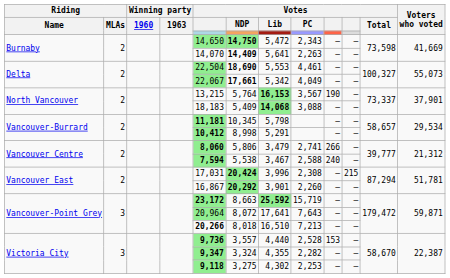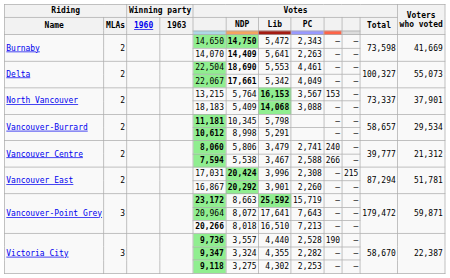 <table class="wikitable" style="text-align:right; font-size:85%">
 <tr>
 <th colspan="2">Riding</th>
 <th scope="col" colspan="2">Winning party</th>
 <th scope="col" colspan="7">Votes</th>
 <th rowspan="3" scope="col">Voters<br>who voted</th>
 </tr>
 <tr>
 <th rowspan="2">Name</th>
 <th rowspan="2">MLAs</th>
 <th rowspan="2"><strong><a href='#'>1960</a></strong></th>
 <th rowspan="2">1963</th>
 <th scope="col"></th>
 <th scope="col">NDP</th>
 <th scope="col">Lib</th>
 <th scope="col">PC</th>
 <th scope="col"></th>
 <th scope="col"></th>
 <th rowspan="2" scope="col">Total</th>
 </tr>
 <tr>
 <th scope="col" style="background-color:#ADD8E6;"></th>
 <th scope="col" style="background-color:#F4A460;"></th>
 <th scope="col" style="background-color:#A51B12;"></th>
 <th scope="col" style="background-color:#9999FF;"></th>
 <th scope="col" style="background-color:#FF6347;"></th>
 <th scope="col" style="background-color:#DCDCDC;"></th>
 </tr>
 <tr>
 <td rowspan="2" style="text-align:left"><a href='#'>Burnaby</a></td>
 <td rowspan="2">2</td>
 <td rowspan="2"></td>
 <td rowspan="2"></td>
 <td style="background-color:lightgreen;">14,650</td>
 <td style="background-color:lightgreen;"><strong>14,750</strong></td>
 <td>5,472</td>
 <td>2,343</td>
 <td>–</td>
 <td>–</td>
 <td rowspan="2">73,598</td>
 <td rowspan="2">41,669</td>
 </tr>
 <tr>
 <td>14,070</td>
 <td><strong>14,409</strong></td>
 <td>5,641</td>
 <td>2,263</td>
 <td>–</td>
 <td>–</td>
 </tr>
 <tr>
 <td rowspan="2" style="text-align:left"><a href='#'>Delta</a></td>
 <td rowspan="2">2</td>
 <td rowspan="2"></td>
 <td rowspan="2"></td>
 <td style="background-color:lightgreen;">22,504</td>
 <td><strong>18,690</strong></td>
 <td>5,553</td>
 <td>4,461</td>
 <td>–</td>
 <td>–</td>
 <td rowspan="2">100,327</td>
 <td rowspan="2">55,073</td>
 </tr>
 <tr>
 <td style="background-color:lightgreen;">22,067</td>
 <td><strong>17,661</strong></td>
 <td>5,342</td>
 <td>4,049</td>
 <td>–</td>
 <td>–</td>
 </tr>
 <tr>
 <td rowspan="2" style="text-align:left"><a href='#'>North Vancouver</a></td>
 <td rowspan="2">2</td>
 <td rowspan="2"></td>
 <td rowspan="2"></td>
 <td>13,215</td>
 <td>5,764</td>
 <td style="background-color:lightgreen;"><strong>16,153</strong></td>
 <td>3,567</td>
-<td>190</td>
+<td>153</td>
 <td>–</td>
 <td rowspan="2">73,337</td>
 <td rowspan="2">37,901</td>
 </tr>
 <tr>
 <td>18,183</td>
 <td>5,409</td>
 <td style="background-color:lightgreen;"><strong>14,068</strong></td>
 <td>3,088</td>
 <td>–</td>
 <td>–</td>
 </tr>
 <tr>
 <td rowspan="2" style="text-align:left"><a href='#'>Vancouver-Burrard</a></td>
 <td rowspan="2">2</td>
 <td rowspan="2"></td>
 <td rowspan="2"></td>
 <td style="background-color:lightgreen;"><strong>11,181</strong></td>
 <td>10,345</td>
 <td>5,798</td>
 <td></td>
 <td>–</td>
 <td>–</td>
 <td rowspan="2">58,657</td>
 <td rowspan="2">29,534</td>
 </tr>
 <tr>
-<td style="background-color:lightgreen;"><strong>10,412</strong></td>
+<td style="background-color:lightgreen;"><strong>10,612</strong></td>
 <td>8,998</td>
 <td>5,291</td>
 <td></td>
 <td>–</td>
 <td>–</td>
 </tr>
 <tr>
 <td rowspan="2" style="text-align:left"><a href='#'>Vancouver Centre</a></td>
 <td rowspan="2">2</td>
 <td rowspan="2"></td>
 <td rowspan="2"></td>
 <td style="background-color:lightgreen;"><strong>8,060</strong></td>
 <td>5,806</td>
 <td>3,479</td>
 <td>2,741</td>
-<td>266</td>
+<td>240</td>
 <td>–</td>
 <td rowspan="2">39,777</td>
 <td rowspan="2">21,312</td>
 </tr>
 <tr>
 <td style="background-color:lightgreen;"><strong>7,594</strong></td>
 <td>5,538</td>
 <td>3,467</td>
 <td>2,588</td>
-<td>240</td>
+<td>266</td>
 <td>–</td>
 </tr>
 <tr – ||>
 <td rowspan="2" style="text-align:left"><a href='#'>Vancouver East</a></td>
 <td rowspan="2">2</td>
 <td rowspan="2"></td>
 <td rowspan="2"></td>
 <td>17,031</td>
 <td style="background-color:lightgreen;"><strong>20,424</strong></td>
 <td>3,996</td>
 <td>2,308</td>
 <td>–</td>
 <td>215</td>
 <td rowspan="2">87,294</td>
 <td rowspan="2">51,781</td>
 </tr>
 <tr>
 <td>16,867</td>
 <td style="background-color:lightgreen;"><strong>20,292</strong></td>
 <td>3,901</td>
 <td>2,260</td>
 <td>–</td>
 <td>–</td>
 </tr>
 <tr>
 <td rowspan="3" style="text-align:left"><a href='#'>Vancouver-Point Grey</a></td>
 <td rowspan="3">3</td>
 <td rowspan="3"></td>
 <td rowspan="3"></td>
 <td style="background-color:lightgreen;"><strong>23,172</strong></td>
 <td>8,663</td>
 <td style="background-color:lightgreen;"><strong>25,592</strong></td>
 <td>15,719</td>
 <td>–</td>
 <td>–</td>
 <td rowspan="3">179,472</td>
 <td rowspan="3">59,871</td>
 </tr>
 <tr>
 <td style="background-color:lightgreen;">20,964</td>
 <td>8,072</td>
 <td>17,641</td>
 <td>7,643</td>
 <td>–</td>
 <td>–</td>
 </tr>
 <tr>
 <td><strong>20,266</strong></td>
 <td>8,018</td>
 <td>16,510</td>
 <td>7,213</td>
 <td>–</td>
 <td>–</td>
 </tr>
 <tr>
 <td rowspan="3" style="text-align:left"><a href='#'>Victoria City</a></td>
 <td rowspan="3">3</td>
 <td rowspan="3"></td>
 <td rowspan="3"></td>
 <td style="background-color:lightgreen;"><strong>9,736</strong></td>
 <td>3,557</td>
 <td>4,440</td>
 <td>2,528</td>
-<td>153</td>
+<td>190</td>
 <td>–</td>
 <td rowspan="3">58,670</td>
 <td rowspan="3">22,387</td>
 </tr>
 <tr>
 <td style="background-color:lightgreen;"><strong>9,347</strong></td>
 <td>3,324</td>
 <td>4,355</td>
 <td>2,282</td>
 <td>–</td>
 <td>–</td>
 </tr>
 <tr>
 <td style="background-color:lightgreen;"><strong>9,118</strong></td>
 <td>3,275</td>
 <td>4,302</td>
 <td>2,253</td>
 <td>–</td>
 <td>–</td>
 </tr>
 </table>
